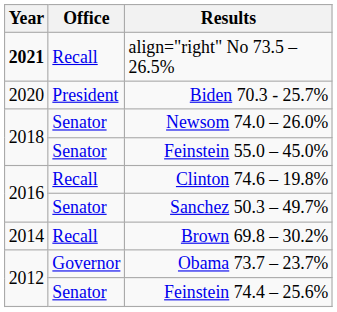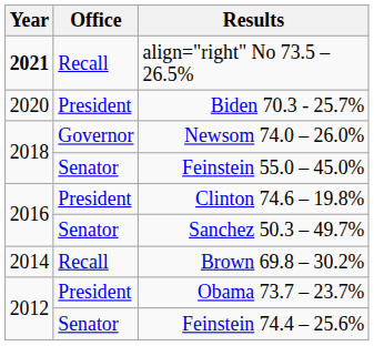 <table class=wikitable>
 <tr>
 <th width="30">Year</th>
 <th width="60">Office</th>
 <th width="180">Results</th>
 </tr>
 <tr>
 <td><strong>2021</strong></td>
 <td><a href='#'>Recall</a></td>
 <td>align="right"  No 73.5 – 26.5%</td>
 </tr>
 <tr>
 <td rowspan="1">2020</td>
 <td><a href='#'>President</a></td>
 <td align="right" ><a href='#'>Biden</a> 70.3 - 25.7%</td>
 </tr>
 <tr>
 <td rowspan="2">2018</td>
-<td><a href='#'>Senator</a></td>
+<td><a href='#'>Governor</a></td>
 <td align="right" ><a href='#'>Newsom</a> 74.0 – 26.0%</td>
 </tr>
 <tr>
 <td><a href='#'>Senator</a></td>
 <td align="right" ><a href='#'>Feinstein</a> 55.0 – 45.0%</td>
 </tr>
 <tr>
 <td rowspan="2">2016</td>
-<td><a href='#'>Recall</a></td>
+<td><a href='#'>President</a></td>
 <td align="right" ><a href='#'>Clinton</a> 74.6 – 19.8%</td>
 </tr>
 <tr>
 <td><a href='#'>Senator</a></td>
 <td align="right" ><a href='#'>Sanchez</a> 50.3 – 49.7%</td>
 </tr>
 <tr>
 <td>2014</td>
 <td><a href='#'>Recall</a></td>
 <td align="right" ><a href='#'>Brown</a> 69.8 – 30.2%</td>
 </tr>
 <tr>
 <td rowspan="2">2012</td>
-<td><a href='#'>Governor</a></td>
+<td><a href='#'>President</a></td>
 <td align="right" ><a href='#'>Obama</a> 73.7 – 23.7%</td>
 </tr>
 <tr>
 <td><a href='#'>Senator</a></td>
 <td align="right" ><a href='#'>Feinstein</a> 74.4 – 25.6%</td>
 </tr>
 </table>
